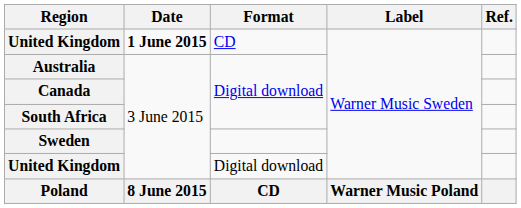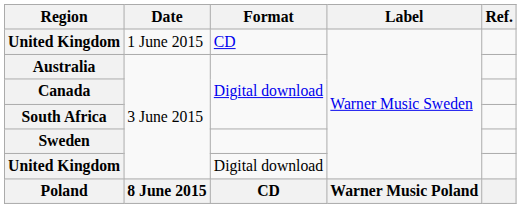 <table class="wikitable plainrowheaders">
 <tr>
 <th scope="col">Region</th>
 <th scope="col">Date</th>
 <th scope="col">Format</th>
 <th scope="col">Label</th>
 <th scope="col">Ref.</th>
 </tr>
 <tr>
 <th scope="row">United Kingdom</th>
-<td><strong>1 June 2015</strong></td>
+<td>1 June 2015</td>
 <td><a href='#'>CD</a></td>
 <td rowspan="6"><a href='#'>Warner Music Sweden</a></td>
 <td></td>
 </tr>
 <tr>
 <th scope="row">Australia</th>
 <td rowspan="5">3 June 2015</td>
 <td rowspan="3"><a href='#'>Digital download</a></td>
 <td></td>
 </tr>
 <tr>
 <th scope="row">Canada</th>
 <td></td>
 </tr>
 <tr>
 <th scope="row">South Africa</th>
 <td></td>
 </tr>
 <tr>
 <th scope="row">Sweden</th>
 <td></td>
 <td></td>
 </tr>
 <tr>
 <th scope="row">United Kingdom</th>
 <td>Digital download</td>
 <td></td>
 </tr>
 <tr>
 <th>Poland</th>
 <th>8 June 2015</th>
 <th>CD</th>
 <th>Warner Music Poland</th>
 <th></th>
 </tr>
 </table>
